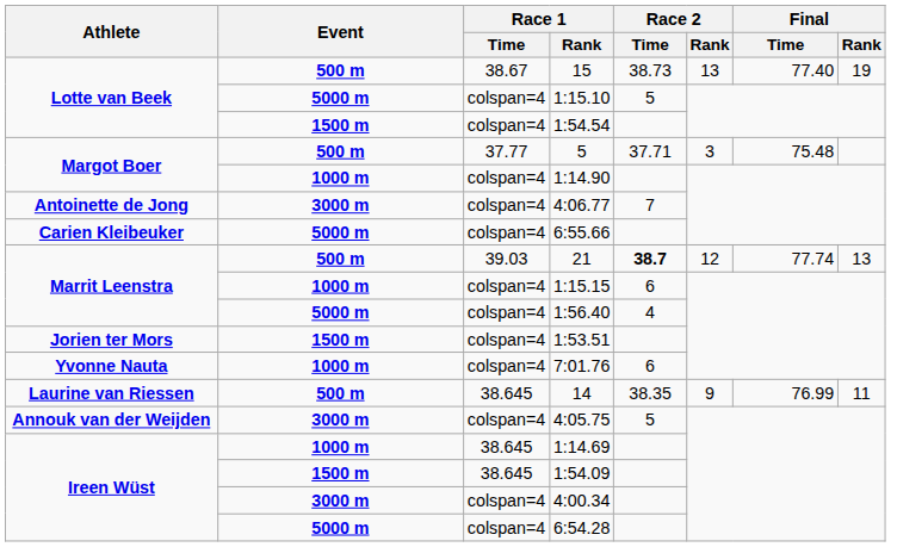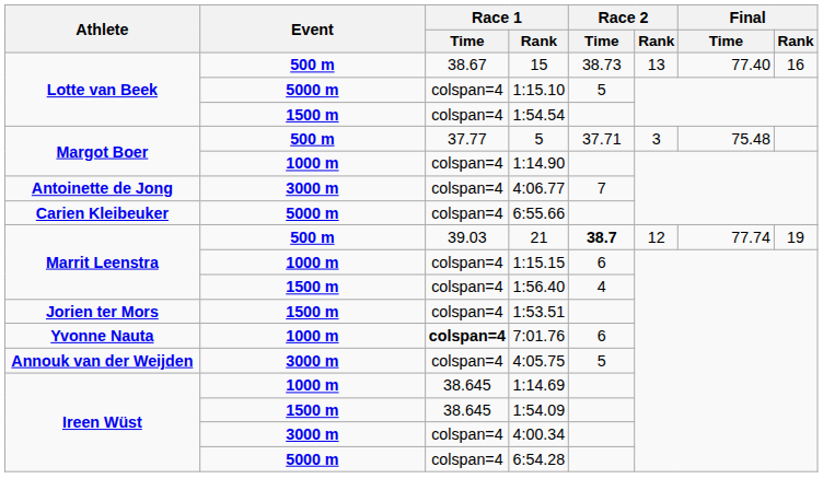 <table class="wikitable plainrowheaders" style="text-align: center;font-size:90%">
 <tr>
 <th scope="col" rowspan="2" style="width:12em;">Athlete</th>
 <th scope="col" rowspan="2" style="width:14em;">Event</th>
 <th scope="col" colspan=2>Race 1</th>
 <th scope="col" colspan=2>Race 2</th>
 <th scope="col" colspan=2>Final</th>
 </tr>
 <tr style="font-size:95%">
 <th scope="col" style="width:4em;">Time</th>
 <th scope="col" style="width:2em;">Rank</th>
 <th scope="col" style="width:4em;">Time</th>
 <th scope="col" style="width:2em;">Rank</th>
 <th scope="col" style="width:6em;">Time</th>
 <th scope="col" style="width:2em;">Rank</th>
 </tr>
 <tr>
 <th scope="row" style="background-color:transparent" rowspan=3><strong><a href='#'>Lotte van Beek</a></strong></th>
 <th scope="row" style="background-color:transparent"><a href='#'>500 m</a></th>
 <td>38.67</td>
 <td>15</td>
 <td>38.73</td>
 <td>13</td>
 <td style="text-align:right">77.40</td>
-<td>19</td>
+<td>16</td>
 </tr>
 <tr>
 <th scope="row" style="background-color:transparent"><a href='#'>5000 m</a></th>
 <td>colspan=4 </td>
 <td style="text-align:right">1:15.10</td>
 <td>5</td>
 </tr>
 <tr>
 <th scope="row" style="background-color:transparent"><a href='#'>1500 m</a></th>
 <td>colspan=4 </td>
 <td style="text-align:right">1:54.54</td>
 <td></td>
 </tr>
 <tr>
 <th scope="row" style="background-color:transparent" rowspan=2><strong><a href='#'>Margot Boer</a></strong></th>
 <th scope="row" style="background-color:transparent"><a href='#'>500 m</a></th>
 <td>37.77</td>
 <td>5</td>
 <td>37.71</td>
 <td>3</td>
 <td style="text-align:right">75.48</td>
 <td></td>
 </tr>
 <tr>
 <th scope="row" style="background-color:transparent"><a href='#'>1000 m</a></th>
 <td>colspan=4 </td>
 <td style="text-align:right">1:14.90</td>
 <td></td>
 </tr>
 <tr>
 <th scope="row" style="background-color:transparent"><a href='#'>Antoinette de Jong</a></th>
 <th scope="row" style="background-color:transparent"><a href='#'>3000 m</a></th>
 <td>colspan=4 </td>
 <td style="text-align:right">4:06.77</td>
 <td>7</td>
 </tr>
 <tr>
 <th scope="row" style="background-color:transparent"><strong><a href='#'>Carien Kleibeuker</a></strong></th>
 <th scope="row" style="background-color:transparent"><a href='#'>5000 m</a></th>
 <td>colspan=4 </td>
 <td style="text-align:right">6:55.66</td>
 <td></td>
 </tr>
 <tr>
 <th scope="row" style="background-color:transparent" rowspan=3><a href='#'>Marrit Leenstra</a></th>
 <th scope="row" style="background-color:transparent"><a href='#'>500 m</a></th>
 <td>39.03</td>
 <td>21</td>
 <td><strong>38.7</strong></td>
 <td>12</td>
 <td style="text-align:right">77.74</td>
-<td>13</td>
+<td>19</td>
 </tr>
 <tr>
 <th scope="row" style="background-color:transparent"><a href='#'>1000 m</a></th>
 <td>colspan=4 </td>
 <td style="text-align:right">1:15.15</td>
 <td>6</td>
 </tr>
 <tr>
-<th scope="row" style="background-color:transparent"><a href='#'>5000 m</a></th>
+<th scope="row" style="background-color:transparent"><a href='#'>1500 m</a></th>
 <td>colspan=4 </td>
 <td style="text-align:right">1:56.40</td>
 <td>4</td>
 </tr>
 <tr>
 <th scope="row" style="background-color:transparent"><strong><a href='#'>Jorien ter Mors</a></strong></th>
 <th scope="row" style="background-color:transparent"><a href='#'>1500 m</a></th>
 <td>colspan=4 </td>
 <td style="text-align:right"> 1:53.51</td>
 <td></td>
 </tr>
 <tr>
 <th scope="row" style="background-color:transparent"><a href='#'>Yvonne Nauta</a></th>
 <th scope="row" style="background-color:transparent"><a href='#'>1000 m</a></th>
-<td>colspan=4 </td>
+<td><strong>colspan=4 </strong></td>
 <td style="text-align:right">7:01.76</td>
 <td>6</td>
-</tr>
-<tr>
-<th scope="row" style="background-color:transparent"><a href='#'>Laurine van Riessen</a></th>
-<th scope="row" style="background-color:transparent"><a href='#'>500 m</a></th>
-<td>38.645</td>
-<td>14</td>
-<td>38.35</td>
-<td>9</td>
-<td style="text-align:right">76.99</td>
-<td>11</td>
 </tr>
 <tr>
 <th scope="row" style="background-color:transparent"><a href='#'>Annouk van der Weijden</a></th>
 <th scope="row" style="background-color:transparent"><a href='#'>3000 m</a></th>
 <td>colspan=4 </td>
 <td style="text-align:right">4:05.75</td>
 <td>5</td>
 </tr>
 <tr>
 <th scope="row" style="background-color:transparent" rowspan=4><strong><a href='#'>Ireen Wüst</a></strong></th>
 <th scope="row" style="background-color:transparent"><a href='#'>1000 m</a></th>
 <td>38.645</td>
 <td style="text-align:right">1:14.69</td>
 <td></td>
 </tr>
 <tr>
 <th scope="row" style="background-color:transparent"><a href='#'>1500 m</a></th>
 <td>38.645</td>
 <td style="text-align:right">1:54.09</td>
 <td></td>
 </tr>
 <tr>
 <th scope="row" style="background-color:transparent"><a href='#'>3000 m</a></th>
 <td>colspan=4 </td>
 <td style="text-align:right">4:00.34</td>
 <td></td>
 </tr>
 <tr>
 <th scope="row" style="background-color:transparent"><a href='#'>5000 m</a></th>
 <td>colspan=4 </td>
 <td style="text-align:right">6:54.28</td>
 <td></td>
 </tr>
 </table>
